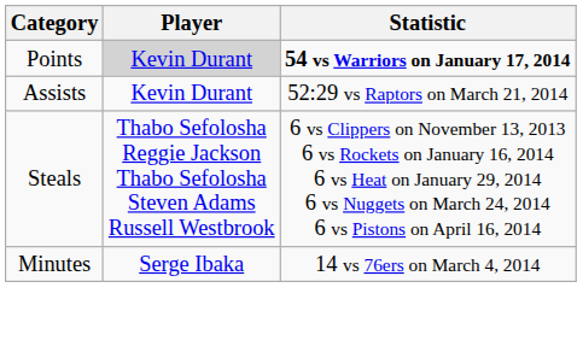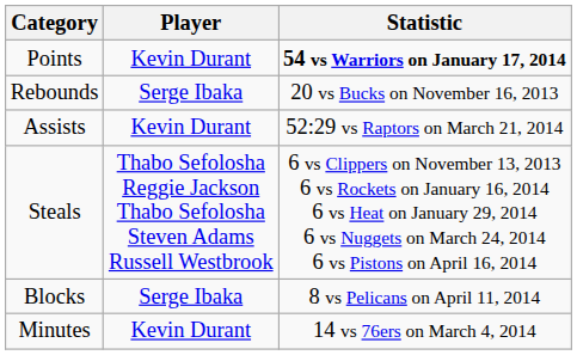 <table class="wikitable sortable sortable" style="text-align: center">
 <tr>
 <th>Category</th>
 <th>Player</th>
 <th>Statistic</th>
 </tr>
 <tr style="text-align: center">
 <td>Points</td>
-<td style="background: lightgrey;"><a href='#'>Kevin Durant</a></td>
+<td><a href='#'>Kevin Durant</a></td>
 <td><strong>54 <small>vs <a href='#'>Warriors</a> on January 17, 2014</small></strong></td>
+</tr>
+<tr style="text-align: center">
+<td>Rebounds</td>
+<td><a href='#'>Serge Ibaka</a></td>
+<td>20 <small>vs <a href='#'>Bucks</a> on November 16, 2013</small></td>
 </tr>
 <tr style="text-align: center">
 <td>Assists</td>
 <td><a href='#'>Kevin Durant</a></td>
 <td>52:29 <small>vs <a href='#'>Raptors</a> on March 21, 2014</small></td>
 </tr>
 <tr style="text-align: center">
 <td>Steals</td>
 <td><a href='#'>Thabo Sefolosha</a><br><a href='#'>Reggie Jackson</a><br><a href='#'>Thabo Sefolosha</a><br><a href='#'>Steven Adams</a><br><a href='#'>Russell Westbrook</a></td>
 <td>6 <small>vs <a href='#'>Clippers</a> on November 13, 2013</small><br>6 <small>vs <a href='#'>Rockets</a> on January 16, 2014</small><br>6 <small>vs <a href='#'>Heat</a> on January 29, 2014</small><br>6 <small>vs <a href='#'>Nuggets</a> on March 24, 2014</small><br>6 <small>vs <a href='#'>Pistons</a> on April 16, 2014</small></td>
 </tr>
 <tr style="text-align: center">
+<td>Blocks</td>
+<td><a href='#'>Serge Ibaka</a></td>
+<td>8 <small>vs <a href='#'>Pelicans</a> on April 11, 2014</small></td>
+</tr>
+<tr style="text-align: center">
 <td>Minutes</td>
-<td><a href='#'>Serge Ibaka</a></td>
+<td><a href='#'>Kevin Durant</a></td>
 <td>14 <small>vs <a href='#'>76ers</a> on March 4, 2014</small></td>
 </tr>
 </table>
